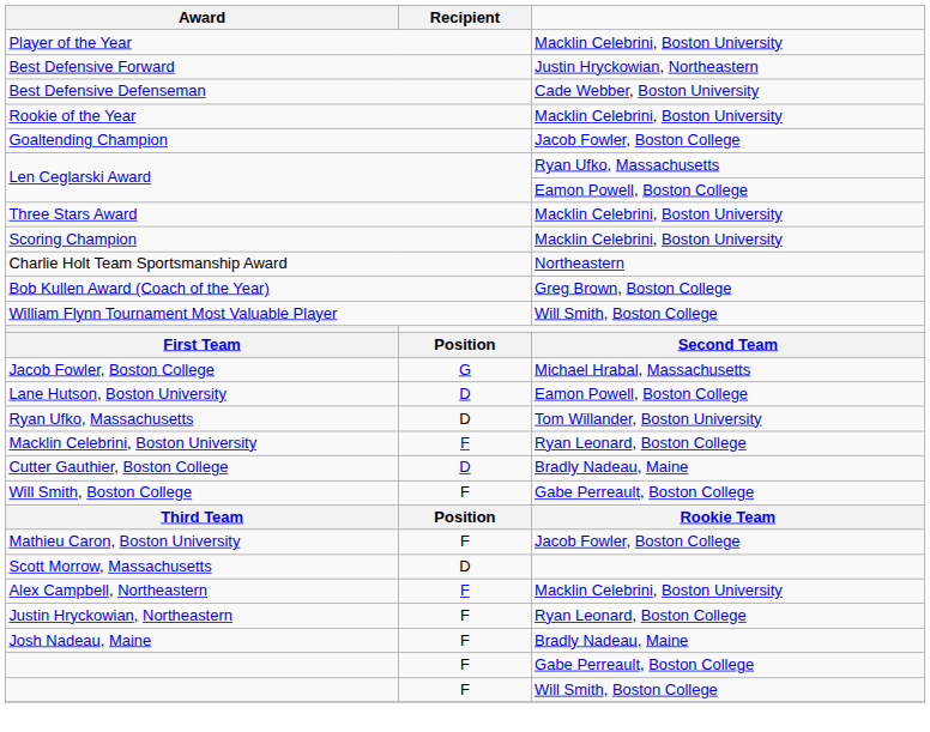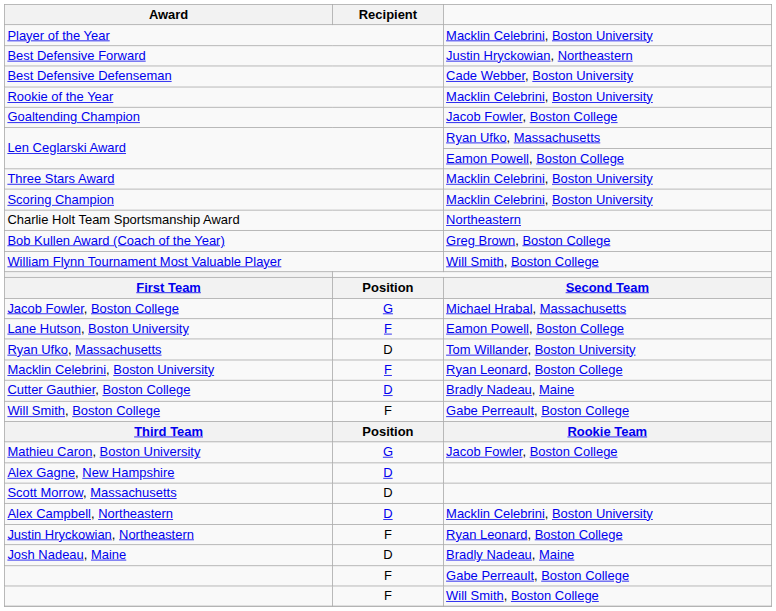 <table class="wikitable" width=75%>
 <tr>
 <th>Award</th>
 <th>Recipient</th>
 </tr>
 <tr>
 <td colspan=2><a href='#'>Player of the Year</a></td>
 <td><a href='#'>Macklin Celebrini</a>, <a href='#'>Boston University</a></td>
 </tr>
 <tr>
 <td colspan=2><a href='#'>Best Defensive Forward</a></td>
 <td><a href='#'>Justin Hryckowian</a>, <a href='#'>Northeastern</a></td>
 </tr>
 <tr>
 <td colspan=2><a href='#'>Best Defensive Defenseman</a></td>
 <td><a href='#'>Cade Webber</a>, <a href='#'>Boston University</a></td>
 </tr>
 <tr>
 <td colspan=2><a href='#'>Rookie of the Year</a></td>
 <td><a href='#'>Macklin Celebrini</a>, <a href='#'>Boston University</a></td>
 </tr>
 <tr>
 <td colspan=2><a href='#'>Goaltending Champion</a></td>
 <td><a href='#'>Jacob Fowler</a>, <a href='#'>Boston College</a></td>
 </tr>
 <tr>
 <td colspan=2; rowspan=2><a href='#'>Len Ceglarski Award</a></td>
 <td><a href='#'>Ryan Ufko</a>, <a href='#'>Massachusetts</a></td>
 </tr>
 <tr>
 <td><a href='#'>Eamon Powell</a>, <a href='#'>Boston College</a></td>
 </tr>
 <tr>
 <td colspan=2><a href='#'>Three Stars Award</a></td>
 <td><a href='#'>Macklin Celebrini</a>, <a href='#'>Boston University</a></td>
 </tr>
 <tr>
 <td colspan=2><a href='#'>Scoring Champion</a></td>
 <td><a href='#'>Macklin Celebrini</a>, <a href='#'>Boston University</a></td>
 </tr>
 <tr>
 <td colspan=2>Charlie Holt Team Sportsmanship Award</td>
 <td><a href='#'>Northeastern</a></td>
 </tr>
 <tr>
 <td colspan=2><a href='#'>Bob Kullen Award (Coach of the Year)</a></td>
 <td><a href='#'>Greg Brown</a>, <a href='#'>Boston College</a></td>
 </tr>
 <tr>
 <td colspan=2><a href='#'>William Flynn Tournament Most Valuable Player</a></td>
 <td><a href='#'>Will Smith</a>, <a href='#'>Boston College</a></td>
 </tr>
 <tr>
 <th><a href='#'></a></th>
 </tr>
 <tr>
 <th><a href='#'>First Team</a></th>
 <th>  Position  </th>
 <th><a href='#'>Second Team</a></th>
 </tr>
 <tr>
 <td><a href='#'>Jacob Fowler</a>, <a href='#'>Boston College</a></td>
 <td align=center><a href='#'>G</a></td>
 <td><a href='#'>Michael Hrabal</a>, <a href='#'>Massachusetts</a></td>
 </tr>
 <tr>
 <td><a href='#'>Lane Hutson</a>, <a href='#'>Boston University</a></td>
-<td align=center><a href='#'>D</a></td>
+<td align=center><a href='#'>F</a></td>
 <td><a href='#'>Eamon Powell</a>, <a href='#'>Boston College</a></td>
 </tr>
 <tr>
 <td><a href='#'>Ryan Ufko</a>, <a href='#'>Massachusetts</a></td>
 <td align=center>D</td>
 <td><a href='#'>Tom Willander</a>, <a href='#'>Boston University</a></td>
 </tr>
 <tr>
 <td><a href='#'>Macklin Celebrini</a>, <a href='#'>Boston University</a></td>
 <td align=center><a href='#'>F</a></td>
 <td><a href='#'>Ryan Leonard</a>, <a href='#'>Boston College</a></td>
 </tr>
 <tr>
 <td><a href='#'>Cutter Gauthier</a>, <a href='#'>Boston College</a></td>
 <td align=center><a href='#'>D</a></td>
 <td><a href='#'>Bradly Nadeau</a>, <a href='#'>Maine</a></td>
 </tr>
 <tr>
 <td><a href='#'>Will Smith</a>, <a href='#'>Boston College</a></td>
 <td align=center>F</td>
 <td><a href='#'>Gabe Perreault</a>, <a href='#'>Boston College</a></td>
 </tr>
 <tr>
 <th><a href='#'>Third Team</a></th>
 <th>  Position  </th>
 <th><a href='#'>Rookie Team</a></th>
 </tr>
 <tr>
 <td><a href='#'>Mathieu Caron</a>, <a href='#'>Boston University</a></td>
-<td align=center>F</td>
+<td align=center><a href='#'>G</a></td>
 <td><a href='#'>Jacob Fowler</a>, <a href='#'>Boston College</a></td>
+</tr>
+<tr>
+<td><a href='#'>Alex Gagne</a>, <a href='#'>New Hampshire</a></td>
+<td align=center><a href='#'>D</a></td>
+<td></td>
 </tr>
 <tr>
 <td><a href='#'>Scott Morrow</a>, <a href='#'>Massachusetts</a></td>
 <td align=center>D</td>
 <td></td>
 </tr>
 <tr>
 <td><a href='#'>Alex Campbell</a>, <a href='#'>Northeastern</a></td>
-<td align=center><a href='#'>F</a></td>
+<td align=center><a href='#'>D</a></td>
 <td><a href='#'>Macklin Celebrini</a>, <a href='#'>Boston University</a></td>
 </tr>
 <tr>
 <td><a href='#'>Justin Hryckowian</a>, <a href='#'>Northeastern</a></td>
 <td align=center>F</td>
 <td><a href='#'>Ryan Leonard</a>, <a href='#'>Boston College</a></td>
 </tr>
 <tr>
 <td><a href='#'>Josh Nadeau</a>, <a href='#'>Maine</a></td>
-<td align=center>F</td>
+<td align=center>D</td>
 <td><a href='#'>Bradly Nadeau</a>, <a href='#'>Maine</a></td>
 </tr>
 <tr>
 <td></td>
 <td align=center>F</td>
 <td><a href='#'>Gabe Perreault</a>, <a href='#'>Boston College</a></td>
 </tr>
 <tr>
 <td></td>
 <td align=center>F</td>
 <td><a href='#'>Will Smith</a>, <a href='#'>Boston College</a></td>
 </tr>
 <tr>
 </tr>
 </table>
